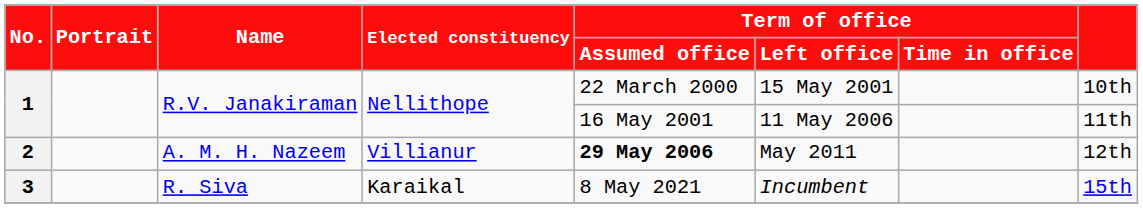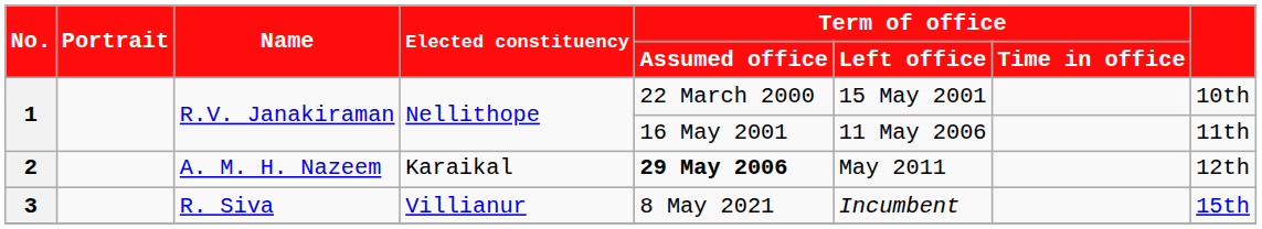 <table class="wikitable sortable">
 <tr>
 <th rowspan="2" style="background-color:#FF0D0D;color:white">No.</th>
 <th rowspan="2" style="background-color:#FF0D0D;color:white">Portrait</th>
 <th rowspan="2" style="background-color:#FF0D0D;color:white">Name<br><small></small></th>
 <th rowspan="2" style="background-color:#FF0D0D;color:white"><small>Elected constituency</small></th>
 <th colspan="3" style="background-color:#FF0D0D;color:white">Term of office</th>
 <th rowspan="2" style="background-color:#FF0D0D;color:white"><a href='#'></a><br></th>
 </tr>
 <tr>
 <th style="background-color:#FF0D0D;color:white">Assumed office</th>
 <th style="background-color:#FF0D0D;color:white">Left office</th>
 <th style="background-color:#FF0D0D;color:white">Time in office</th>
 </tr>
 <tr>
 <th rowspan=2>1</th>
 <td rowspan=2></td>
 <td rowspan=2><a href='#'>R.V. Janakiraman</a></td>
 <td rowspan=2><a href='#'>Nellithope</a></td>
 <td>22 March 2000</td>
 <td>15 May 2001</td>
 <td><strong></strong></td>
 <td>10th<br></td>
 </tr>
 <tr>
 <td>16 May 2001</td>
 <td>11 May 2006</td>
 <td><strong></strong></td>
 <td>11th<br></td>
 </tr>
 <tr>
 <th>2</th>
 <td></td>
 <td><a href='#'>A. M. H. Nazeem</a></td>
-<td><a href='#'>Villianur</a></td>
+<td>Karaikal</td>
 <td><strong>29 May 2006</strong></td>
 <td>May 2011</td>
 <td><strong></strong></td>
 <td>12th<br></td>
 </tr>
 <tr>
 <th>3</th>
 <td></td>
 <td><a href='#'>R. Siva</a></td>
-<td>Karaikal</td>
+<td><a href='#'>Villianur</a></td>
 <td>8 May 2021</td>
 <td><em>Incumbent</em></td>
 <td><strong></strong></td>
 <td><a href='#'>15th</a><br></td>
 </tr>
 <tr>
 </tr>
 </table>
